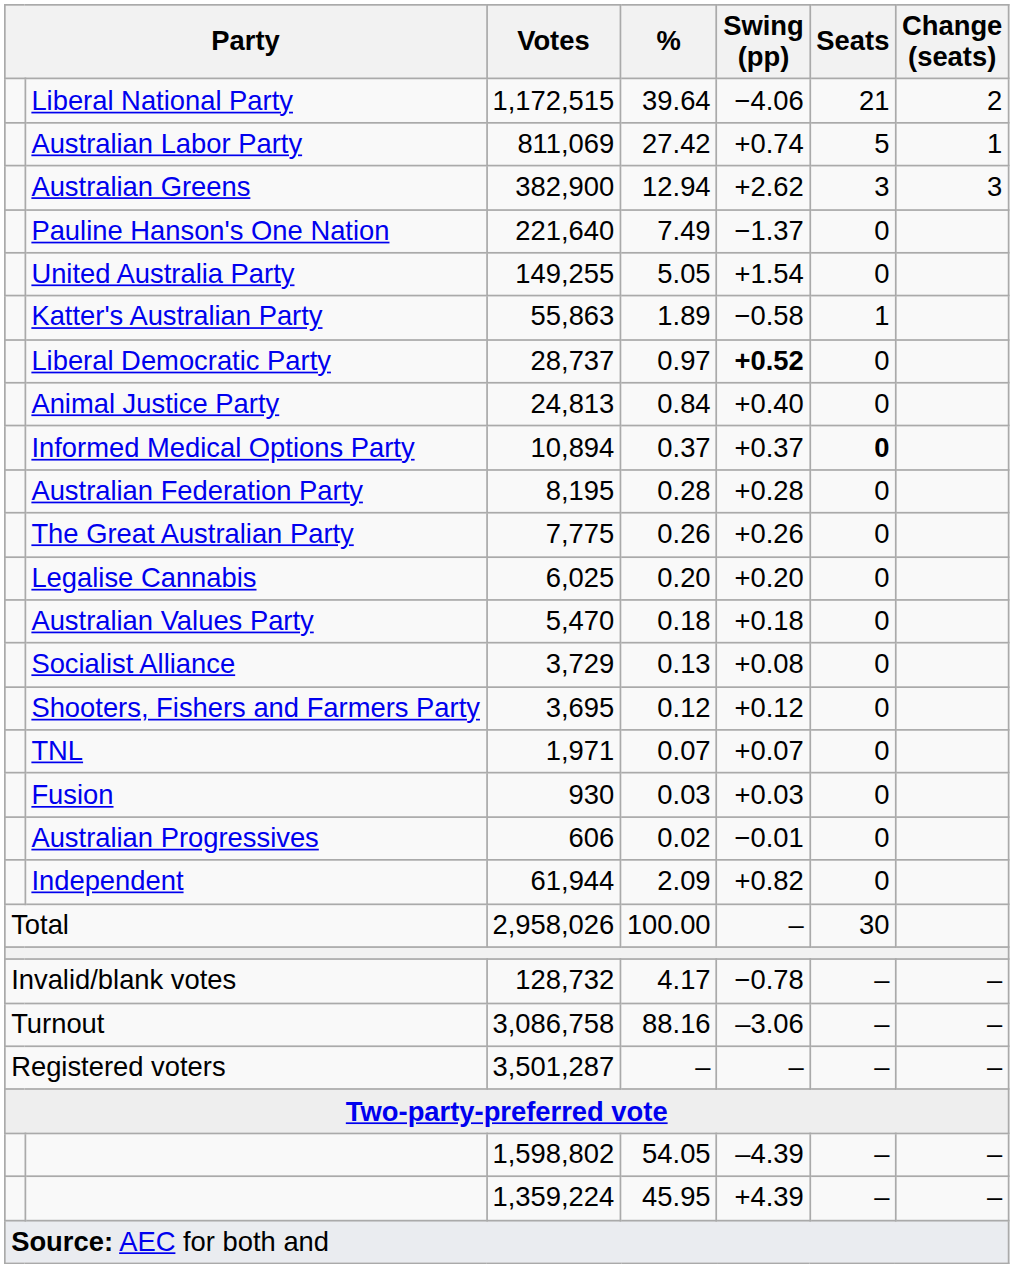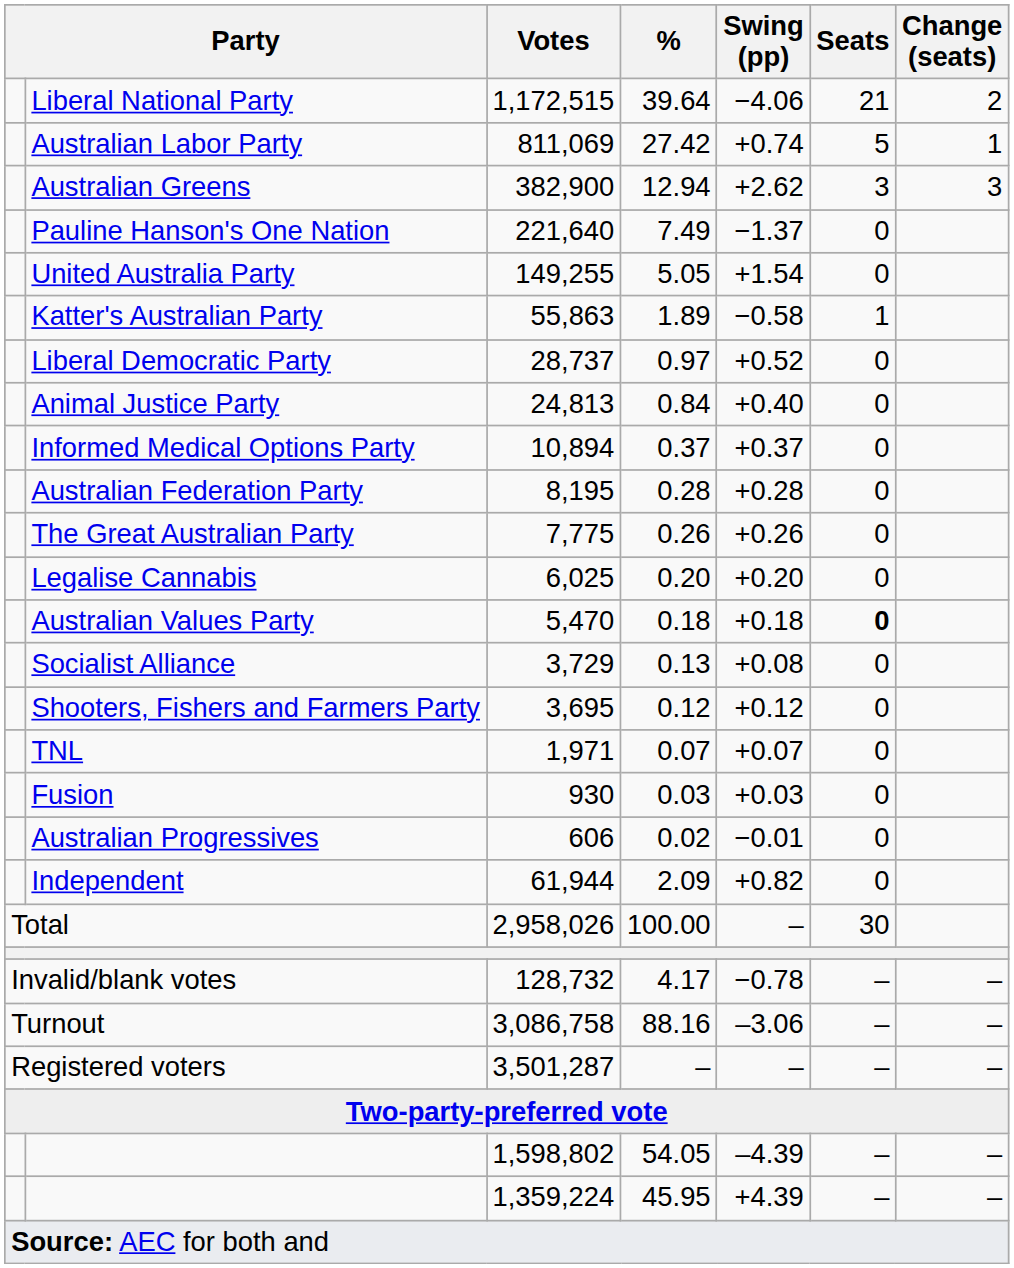 <table class="wikitable" style="text-align:right;  margin-bottom:0">
 <tr>
 <th style="width:200px" colspan=3>Party</th>
 <th style="width:70px;">Votes</th>
 <th style="width:40px;">%</th>
 <th style="width:40px;">Swing (pp)</th>
 <th style="width:40px;">Seats</th>
 <th style="width:40px;">Change (seats)</th>
 </tr>
 <tr>
 <td> </td>
 <td style="text-align:left;" colspan="2"><a href='#'>Liberal National Party</a> </td>
 <td>1,172,515</td>
 <td>39.64</td>
 <td>−4.06</td>
 <td>21</td>
 <td> 2</td>
 </tr>
 <tr>
 <td> </td>
 <td style="text-align:left;" colspan="2"><a href='#'>Australian Labor Party</a></td>
 <td align=right>811,069</td>
 <td align=right>27.42</td>
 <td align=right>+0.74</td>
 <td align=right>5</td>
 <td align=right> 1</td>
 </tr>
 <tr>
 <td> </td>
 <td style="text-align:left;" colspan="2"><a href='#'>Australian Greens</a></td>
 <td align=right>382,900</td>
 <td align=right>12.94</td>
 <td align=right>+2.62</td>
 <td align=right>3</td>
 <td align=right> 3</td>
 </tr>
 <tr>
 <td> </td>
 <td style="text-align:left;" colspan="2"><a href='#'>Pauline Hanson's One Nation</a></td>
 <td align=right>221,640</td>
 <td align=right>7.49</td>
 <td align=right>−1.37</td>
 <td align=right>0</td>
 <td align=right></td>
 </tr>
 <tr>
 <td> </td>
 <td style="text-align:left;" colspan="2"><a href='#'>United Australia Party</a></td>
 <td align=right>149,255</td>
 <td align=right>5.05</td>
 <td align=right>+1.54</td>
 <td align=right>0</td>
 <td align=right></td>
 </tr>
 <tr>
 <td> </td>
 <td style="text-align:left;" colspan="2"><a href='#'>Katter's Australian Party</a></td>
 <td align=right>55,863</td>
 <td align=right>1.89</td>
 <td align=right>−0.58</td>
 <td align=right>1</td>
 <td align=right></td>
 </tr>
 <tr>
 <td> </td>
 <td style="text-align:left;" colspan="2"><a href='#'>Liberal Democratic Party</a></td>
 <td align=right>28,737</td>
 <td align=right>0.97</td>
-<td align=right><strong>+0.52</strong></td>
+<td align=right>+0.52</td>
 <td align=right>0</td>
 <td align=right></td>
 </tr>
 <tr>
 <td> </td>
 <td style="text-align:left;" colspan="2"><a href='#'>Animal Justice Party</a></td>
 <td align=right>24,813</td>
 <td align=right>0.84</td>
 <td align=right>+0.40</td>
 <td align=right>0</td>
 <td align=right></td>
 </tr>
 <tr>
 <td> </td>
 <td style="text-align:left;" colspan="2"><a href='#'>Informed Medical Options Party</a></td>
 <td align=right>10,894</td>
 <td align=right>0.37</td>
 <td align=right>+0.37</td>
-<td align=right><strong>0</strong></td>
+<td align=right>0</td>
 <td align=right></td>
 </tr>
 <tr>
 <td> </td>
 <td style="text-align:left;" colspan="2"><a href='#'>Australian Federation Party</a></td>
 <td align=right>8,195</td>
 <td align=right>0.28</td>
 <td align=right>+0.28</td>
 <td align=right>0</td>
 <td align=right></td>
 </tr>
 <tr>
 <td> </td>
 <td style="text-align:left;" colspan="2"><a href='#'>The Great Australian Party</a></td>
 <td align=right>7,775</td>
 <td align=right>0.26</td>
 <td align=right>+0.26</td>
 <td align=right>0</td>
 <td align=right></td>
 </tr>
 <tr>
 <td> </td>
 <td style="text-align:left;" colspan="2"><a href='#'>Legalise Cannabis</a></td>
 <td align=right>6,025</td>
 <td align=right>0.20</td>
 <td align=right>+0.20</td>
 <td align=right>0</td>
 <td align=right></td>
 </tr>
 <tr>
 <td> </td>
 <td style="text-align:left;" colspan="2"><a href='#'>Australian Values Party</a></td>
 <td align=right>5,470</td>
 <td align=right>0.18</td>
 <td align=right>+0.18</td>
-<td align=right>0</td>
+<td align=right><strong>0</strong></td>
 <td align=right></td>
 </tr>
 <tr>
 <td> </td>
 <td style="text-align:left;" colspan="2"><a href='#'>Socialist Alliance</a></td>
 <td align=right>3,729</td>
 <td align=right>0.13</td>
 <td align=right>+0.08</td>
 <td align=right>0</td>
 <td align=right></td>
 </tr>
 <tr>
 <td> </td>
 <td style="text-align:left;" colspan="2"><a href='#'>Shooters, Fishers and Farmers Party</a></td>
 <td align=right>3,695</td>
 <td align=right>0.12</td>
 <td align=right>+0.12</td>
 <td align=right>0</td>
 <td align=right></td>
 </tr>
 <tr>
 <td> </td>
 <td style="text-align:left;" colspan="2"><a href='#'>TNL</a></td>
 <td align=right>1,971</td>
 <td align=right>0.07</td>
 <td align=right>+0.07</td>
 <td align=right>0</td>
 <td align=right></td>
 </tr>
 <tr>
 <td> </td>
 <td style="text-align:left;" colspan="2"><a href='#'>Fusion</a></td>
 <td align=right>930</td>
 <td align=right>0.03</td>
 <td align=right>+0.03</td>
 <td align=right>0</td>
 <td align=right></td>
 </tr>
 <tr>
 <td> </td>
 <td style="text-align:left;" colspan="2"><a href='#'>Australian Progressives</a></td>
 <td align=right>606</td>
 <td align=right>0.02</td>
 <td align=right>−0.01</td>
 <td align=right>0</td>
 <td align=right></td>
 </tr>
 <tr>
 <td> </td>
 <td style="text-align:left;" colspan="2"><a href='#'>Independent</a></td>
 <td align=right>61,944</td>
 <td align=right>2.09</td>
 <td align=right>+0.82</td>
 <td align=right>0</td>
 <td align=right></td>
 </tr>
 <tr>
 <td colspan=3 align=left>Total</td>
 <td align=right>2,958,026</td>
 <td align=right>100.00</td>
 <td align=right>–</td>
 <td align=right>30</td>
 <td align=right></td>
 </tr>
 <tr>
 <th colspan="9"></th>
 </tr>
 <tr>
 <td style="text-align:left;" colspan="3">Invalid/blank votes</td>
 <td align=right>128,732</td>
 <td align=right>4.17</td>
 <td align=right>−0.78</td>
 <td align=right>–</td>
 <td align=right>–</td>
 </tr>
 <tr>
 <td style="text-align:left;" colspan="3">Turnout</td>
 <td align=right>3,086,758</td>
 <td align=right>88.16</td>
 <td align=right>–3.06</td>
 <td align=right>–</td>
 <td align=right>–</td>
 </tr>
 <tr>
 <td style="text-align:left;" colspan="3">Registered voters</td>
 <td align=right>3,501,287</td>
 <td align=right>–</td>
 <td align=right>–</td>
 <td align=right>–</td>
 <td align=right>–</td>
 </tr>
 <tr>
 <td colspan="8" style="text-align:center; background:#eee;"><strong><a href='#'>Two-party-preferred vote</a></strong></td>
 </tr>
 <tr>
 <td> </td>
 <td colspan=2 align=left></td>
 <td align=right>1,598,802</td>
 <td align=right>54.05</td>
 <td align=right>–4.39</td>
 <td align=right>–</td>
 <td align=right>–</td>
 </tr>
 <tr>
 <td> </td>
 <td colspan=2 align=left></td>
 <td align=right>1,359,224</td>
 <td align=right>45.95</td>
 <td align=right>+4.39</td>
 <td align=right>–</td>
 <td align=right>–</td>
 </tr>
 <tr>
 <td style="text-align:left; background-color:#eaecf0" colspan="8"><strong>Source:</strong> <a href='#'>AEC</a> for both  and </td>
 </tr>
 </table>
